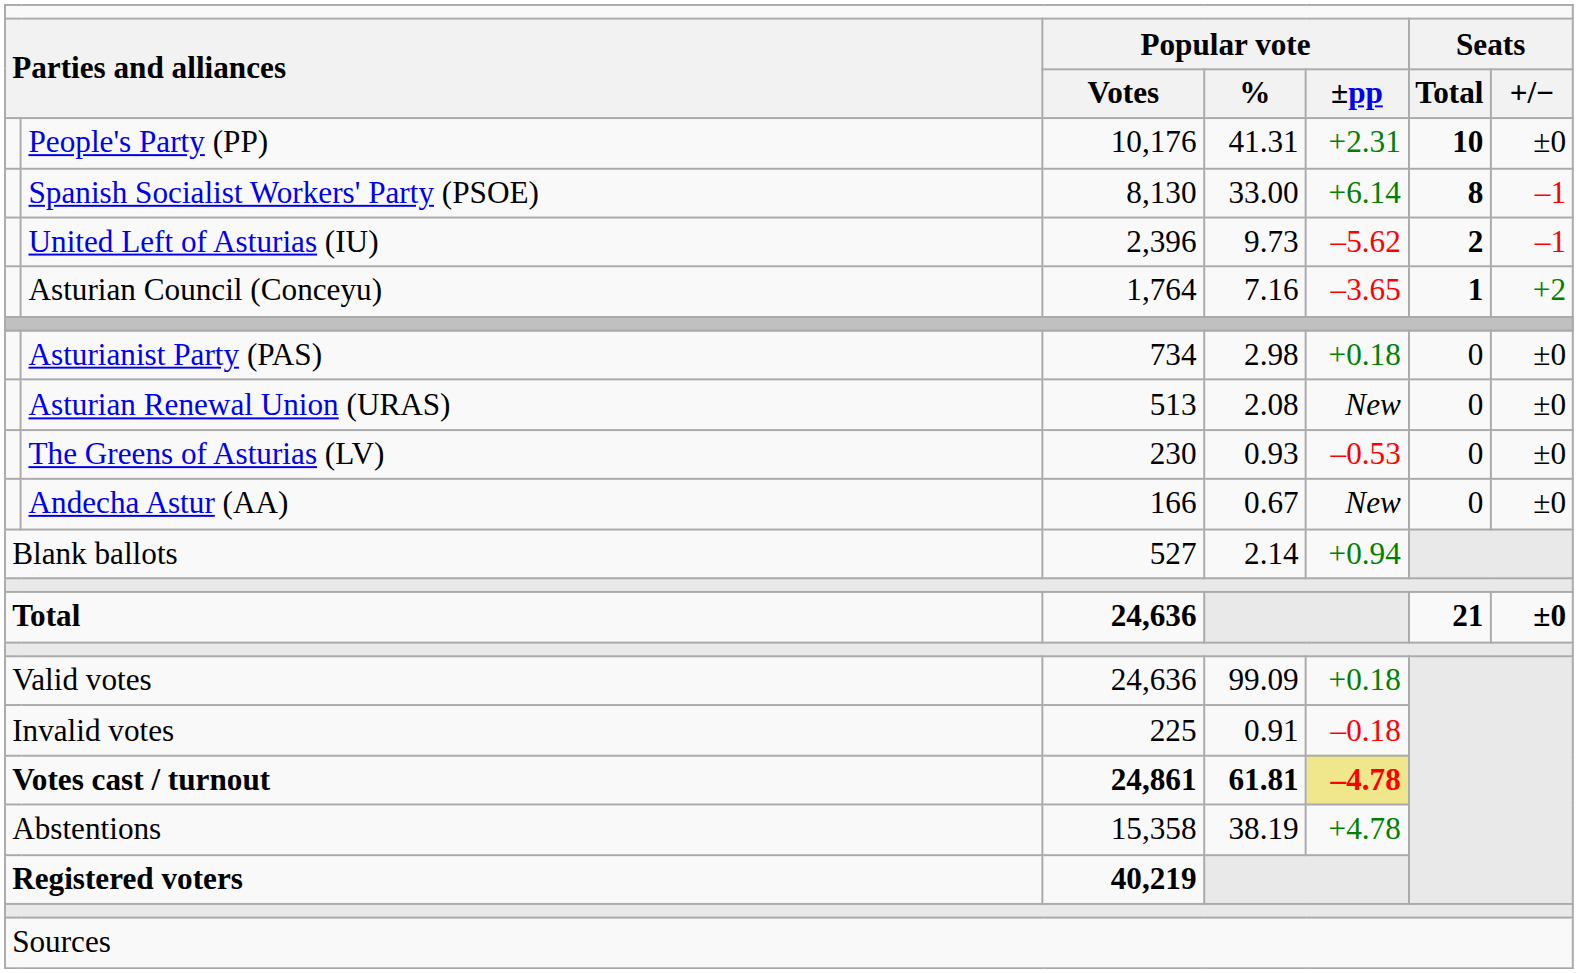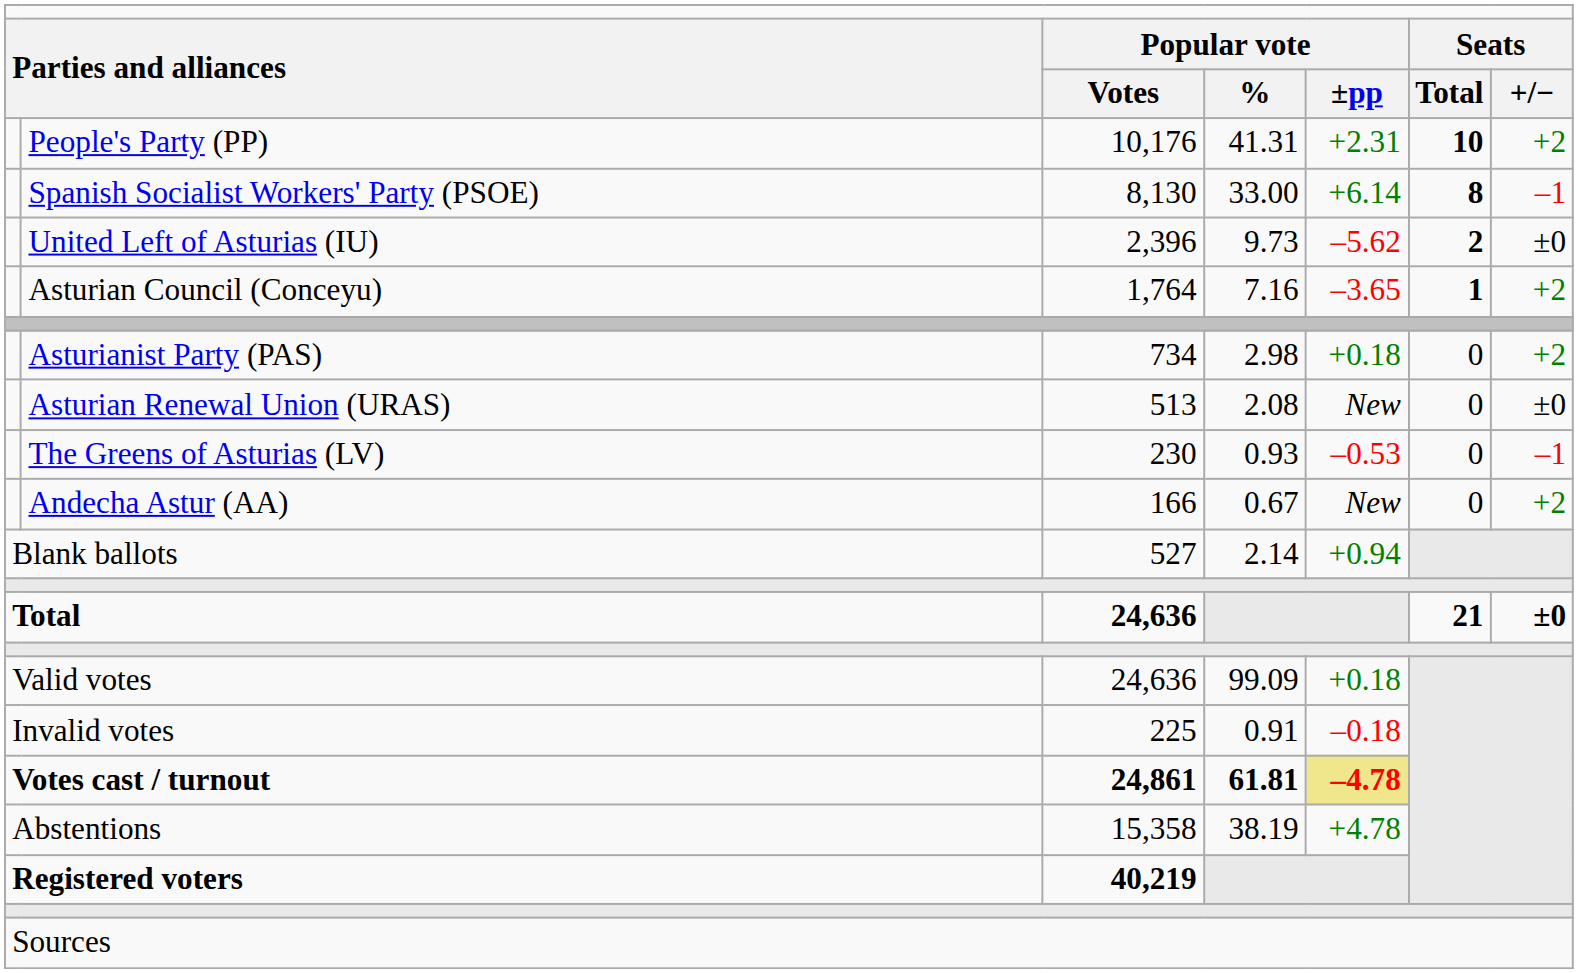 <table class="wikitable" style="text-align:right;">
 <tr>
 <td colspan="7"></td>
 </tr>
 <tr>
 <th style="text-align:left;" rowspan="2" colspan="2" width="525">Parties and alliances</th>
 <th colspan="3">Popular vote</th>
 <th colspan="2">Seats</th>
 </tr>
 <tr>
 <th width="75">Votes</th>
 <th width="45">%</th>
 <th width="45">±<a href='#'>pp</a></th>
 <th width="35">Total</th>
 <th width="35">+/−</th>
 </tr>
 <tr>
 <td width="1" style="color:inherit;background:"></td>
 <td align="left"><a href='#'>People's Party</a> (PP)</td>
 <td>10,176</td>
 <td>41.31</td>
 <td style="color:green;">+2.31</td>
 <td><strong>10</strong></td>
-<td>±0</td>
+<td style="color:green;">+2</td>
 </tr>
 <tr>
 <td style="color:inherit;background:"></td>
 <td align="left"><a href='#'>Spanish Socialist Workers' Party</a> (PSOE)</td>
 <td>8,130</td>
 <td>33.00</td>
 <td style="color:green;">+6.14</td>
 <td><strong>8</strong></td>
 <td style="color:red;">–1</td>
 </tr>
 <tr>
 <td style="color:inherit;background:"></td>
 <td align="left"><a href='#'>United Left of Asturias</a> (IU)</td>
 <td>2,396</td>
 <td>9.73</td>
 <td style="color:red;">–5.62</td>
 <td><strong>2</strong></td>
-<td style="color:red;">–1</td>
+<td>±0</td>
 </tr>
 <tr>
 <td style="color:inherit;background:"></td>
 <td align="left">Asturian Council (Conceyu)</td>
 <td>1,764</td>
 <td>7.16</td>
 <td style="color:red;">–3.65</td>
 <td><strong>1</strong></td>
 <td style="color:green;">+2</td>
 </tr>
 <tr>
 <td colspan="7" bgcolor="#C0C0C0"></td>
 </tr>
 <tr>
 <td style="color:inherit;background:"></td>
 <td align="left"><a href='#'>Asturianist Party</a> (PAS)</td>
 <td>734</td>
 <td>2.98</td>
 <td style="color:green;">+0.18</td>
 <td>0</td>
-<td>±0</td>
+<td style="color:green;">+2</td>
 </tr>
 <tr>
 <td style="color:inherit;background:"></td>
 <td align="left"><a href='#'>Asturian Renewal Union</a> (URAS)</td>
 <td>513</td>
 <td>2.08</td>
 <td><em>New</em></td>
 <td>0</td>
 <td>±0</td>
 </tr>
 <tr>
 <td style="color:inherit;background:"></td>
 <td align="left"><a href='#'>The Greens of Asturias</a> (LV)</td>
 <td>230</td>
 <td>0.93</td>
 <td style="color:red;">–0.53</td>
 <td>0</td>
-<td>±0</td>
+<td style="color:red;">–1</td>
 </tr>
 <tr>
 <td style="color:inherit;background:"></td>
 <td align="left"><a href='#'>Andecha Astur</a> (AA)</td>
 <td>166</td>
 <td>0.67</td>
 <td><em>New</em></td>
 <td>0</td>
-<td>±0</td>
+<td style="color:green;">+2</td>
 </tr>
 <tr>
 <td align="left" colspan="2">Blank ballots</td>
 <td>527</td>
 <td>2.14</td>
 <td style="color:green;">+0.94</td>
 <td bgcolor="#E9E9E9" colspan="2"></td>
 </tr>
 <tr>
 <td colspan="7" bgcolor="#E9E9E9"></td>
 </tr>
 <tr style="font-weight:bold;">
 <td align="left" colspan="2">Total</td>
 <td>24,636</td>
 <td bgcolor="#E9E9E9" colspan="2"></td>
 <td>21</td>
 <td>±0</td>
 </tr>
 <tr>
 <td colspan="7" bgcolor="#E9E9E9"></td>
 </tr>
 <tr>
 <td align="left" colspan="2">Valid votes</td>
 <td>24,636</td>
 <td>99.09</td>
 <td style="color:green;">+0.18</td>
 <td bgcolor="#E9E9E9" colspan="2" rowspan="5"></td>
 </tr>
 <tr>
 <td align="left" colspan="2">Invalid votes</td>
 <td>225</td>
 <td>0.91</td>
 <td style="color:red;">–0.18</td>
 </tr>
 <tr style="font-weight:bold;">
 <td align="left" colspan="2">Votes cast / turnout</td>
 <td>24,861</td>
 <td>61.81</td>
 <td style="background: khaki; color:red;">–4.78</td>
 </tr>
 <tr>
 <td align="left" colspan="2">Abstentions</td>
 <td>15,358</td>
 <td>38.19</td>
 <td style="color:green;">+4.78</td>
 </tr>
 <tr style="font-weight:bold;">
 <td align="left" colspan="2">Registered voters</td>
 <td>40,219</td>
 <td bgcolor="#E9E9E9" colspan="2"></td>
 </tr>
 <tr>
 <td colspan="7" bgcolor="#E9E9E9"></td>
 </tr>
 <tr>
 <td align="left" colspan="7">Sources</td>
 </tr>
 </table>
